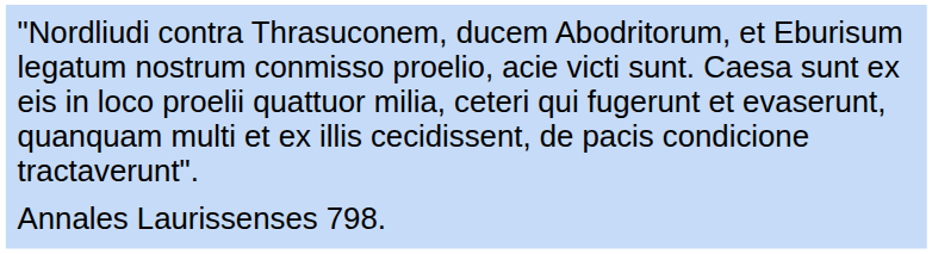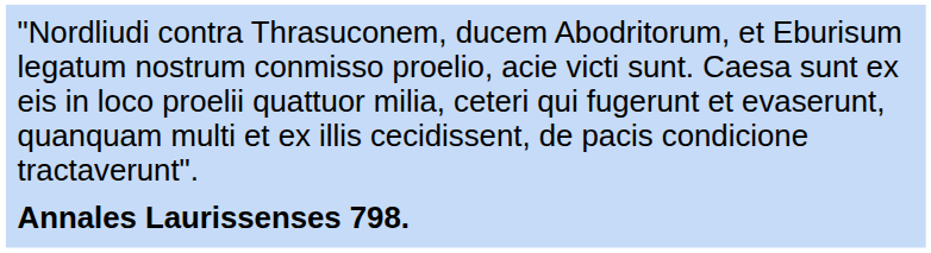 <table class="toccolours" style="float: right; margin-left: 1em; margin-right: 2em; font-size: 100%; background:#c6dbf7; color:black; width:30em; max-width: 40%;" cellspacing="5">
 <tr>
 <td style="text-align: left;">"Nordliudi contra Thrasuconem, ducem Abodritorum, et Eburisum legatum nostrum conmisso proelio, acie victi sunt. Caesa sunt ex eis in loco proelii quattuor milia, ceteri qui fugerunt et evaserunt, quanquam multi et ex illis cecidissent, de pacis condicione tractaverunt".</td>
 </tr>
 <tr>
-<td style="text-align: left;">Annales Laurissenses 798.</td>
+<td style="text-align: left;"><strong>Annales Laurissenses 798.</strong></td>
 </tr>
 </table>
